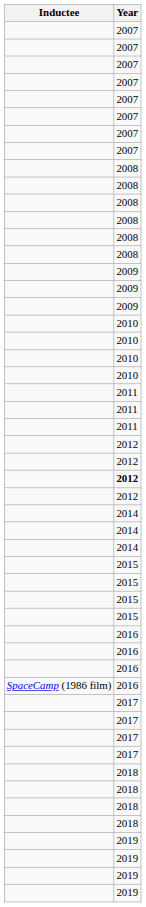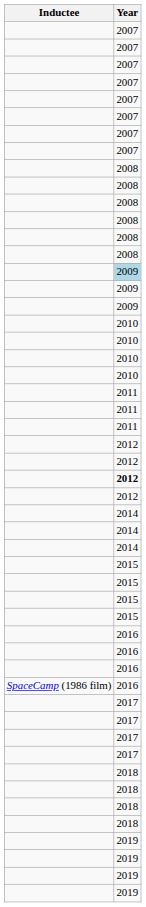 <table class="wikitable sortable">
 <tr>
 <th>Inductee</th>
 <th>Year</th>
 </tr>
 <tr>
 <td></td>
 <td>2007</td>
 </tr>
 <tr>
 <td></td>
 <td>2007</td>
 </tr>
 <tr>
 <td></td>
 <td>2007</td>
 </tr>
 <tr>
 <td></td>
 <td>2007</td>
 </tr>
 <tr>
 <td></td>
 <td>2007</td>
 </tr>
 <tr>
 <td></td>
 <td>2007</td>
 </tr>
 <tr>
 <td></td>
 <td>2007</td>
 </tr>
 <tr>
 <td></td>
 <td>2007</td>
 </tr>
 <tr>
 <td></td>
 <td>2008</td>
 </tr>
 <tr>
 <td></td>
 <td>2008</td>
 </tr>
 <tr>
 <td></td>
 <td>2008</td>
 </tr>
 <tr>
 <td></td>
 <td>2008</td>
 </tr>
 <tr>
 <td></td>
 <td>2008</td>
 </tr>
 <tr>
 <td></td>
 <td>2008</td>
 </tr>
 <tr>
 <td></td>
-<td>2009</td>
+<td style="background: lightblue;">2009</td>
 </tr>
 <tr>
 <td></td>
 <td>2009</td>
 </tr>
 <tr>
 <td></td>
 <td>2009</td>
 </tr>
 <tr>
 <td></td>
 <td>2010</td>
 </tr>
 <tr>
 <td></td>
 <td>2010</td>
 </tr>
 <tr>
 <td></td>
 <td>2010</td>
 </tr>
 <tr>
 <td></td>
 <td>2010</td>
 </tr>
 <tr>
 <td></td>
 <td>2011</td>
 </tr>
 <tr>
 <td></td>
 <td>2011</td>
 </tr>
 <tr>
 <td></td>
 <td>2011</td>
 </tr>
 <tr>
 <td></td>
 <td>2012</td>
 </tr>
 <tr>
 <td></td>
 <td>2012</td>
 </tr>
 <tr>
 <td></td>
 <td><strong>2012</strong></td>
 </tr>
 <tr>
 <td></td>
 <td>2012</td>
 </tr>
 <tr>
 <td></td>
 <td>2014</td>
 </tr>
 <tr>
 <td></td>
 <td>2014</td>
 </tr>
 <tr>
 <td></td>
 <td>2014</td>
 </tr>
 <tr>
 <td></td>
 <td>2015</td>
 </tr>
 <tr>
 <td></td>
 <td>2015</td>
 </tr>
 <tr>
 <td></td>
 <td>2015</td>
 </tr>
 <tr>
 <td></td>
 <td>2015</td>
 </tr>
 <tr>
 <td></td>
 <td>2016</td>
 </tr>
 <tr>
 <td></td>
 <td>2016</td>
 </tr>
 <tr>
 <td></td>
 <td>2016</td>
 </tr>
 <tr>
 <td><em><a href='#'>SpaceCamp</a></em> (1986 film)</td>
 <td>2016</td>
 </tr>
 <tr>
 <td></td>
 <td>2017</td>
 </tr>
 <tr>
 <td></td>
 <td>2017</td>
 </tr>
 <tr>
 <td></td>
 <td>2017</td>
 </tr>
 <tr>
 <td></td>
 <td>2017</td>
 </tr>
 <tr>
 <td></td>
 <td>2018</td>
 </tr>
 <tr>
 <td></td>
 <td>2018</td>
 </tr>
 <tr>
 <td></td>
 <td>2018</td>
 </tr>
 <tr>
 <td></td>
 <td>2018</td>
 </tr>
 <tr>
 <td></td>
 <td>2019</td>
 </tr>
 <tr>
 <td></td>
 <td>2019</td>
 </tr>
 <tr>
 <td></td>
 <td>2019</td>
 </tr>
 <tr>
 <td></td>
 <td>2019</td>
 </tr>
 </table>
